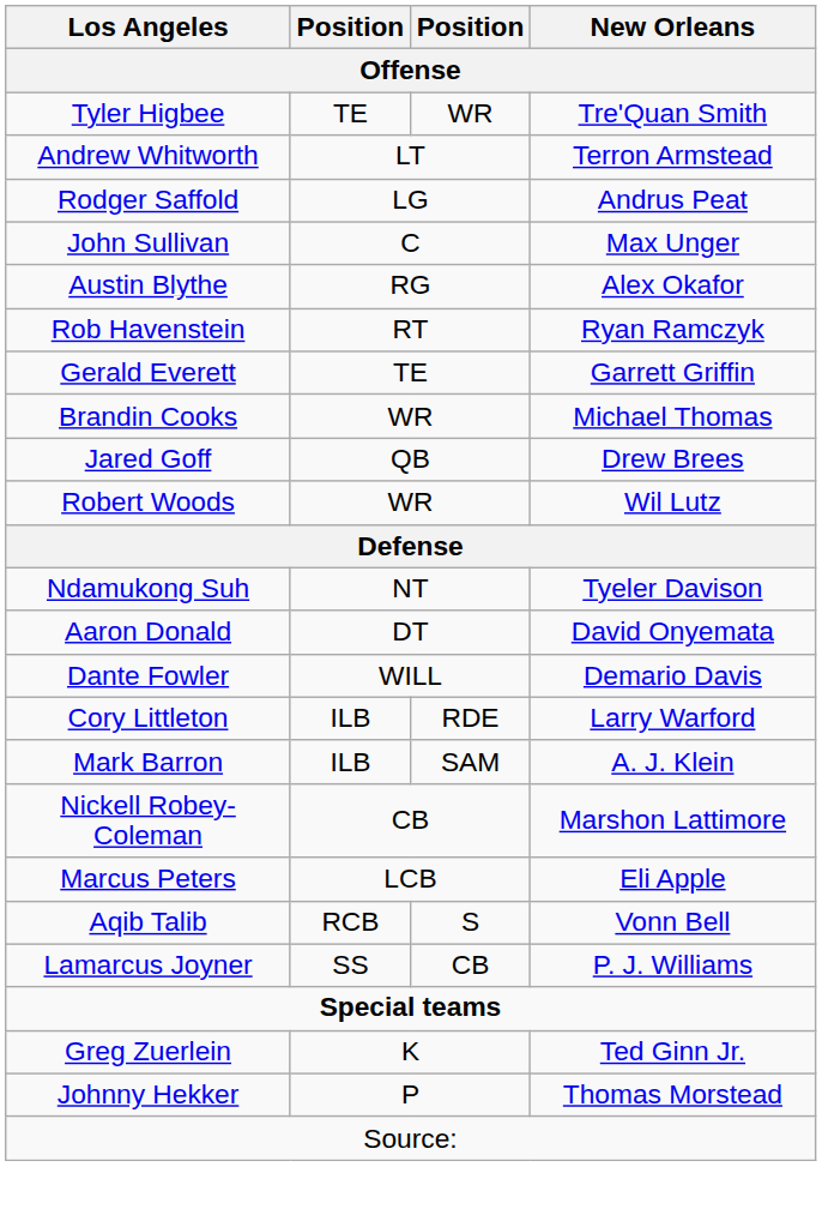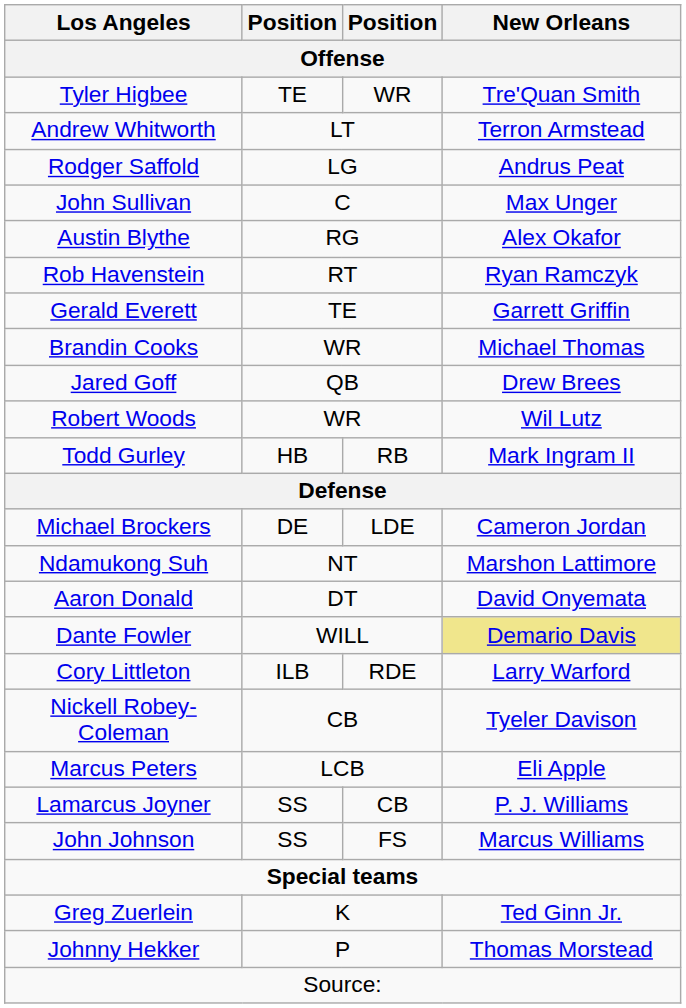 <table class="wikitable" style="text-align:center">
 <tr>
 <th width="160px">Los Angeles</th>
 <th>Position</th>
 <th>Position</th>
 <th width="160px">New Orleans</th>
 </tr>
 <tr>
 <th colspan="4" style="text-align:center">Offense</th>
 </tr>
 <tr>
 <td><a href='#'>Tyler Higbee</a></td>
 <td style="text-align:center">TE</td>
 <td style="text-align:center">WR</td>
 <td><a href='#'>Tre'Quan Smith</a></td>
 </tr>
 <tr>
 <td><a href='#'>Andrew Whitworth</a></td>
 <td colspan="2" style="text-align:center">LT</td>
 <td><a href='#'>Terron Armstead</a></td>
 </tr>
 <tr>
 <td><a href='#'>Rodger Saffold</a></td>
 <td colspan="2" style="text-align:center">LG</td>
 <td><a href='#'>Andrus Peat</a></td>
 </tr>
 <tr>
 <td><a href='#'>John Sullivan</a></td>
 <td colspan="2" style="text-align:center">C</td>
 <td><a href='#'>Max Unger</a></td>
 </tr>
 <tr>
 <td><a href='#'>Austin Blythe</a></td>
 <td colspan="2" style="text-align:center">RG</td>
 <td><a href='#'>Alex Okafor</a></td>
 </tr>
 <tr>
 <td><a href='#'>Rob Havenstein</a></td>
 <td colspan="2" style="text-align:center">RT</td>
 <td><a href='#'>Ryan Ramczyk</a></td>
 </tr>
 <tr>
 <td><a href='#'>Gerald Everett</a></td>
 <td colspan="2" style="text-align:center">TE</td>
 <td><a href='#'>Garrett Griffin</a></td>
 </tr>
 <tr>
 <td><a href='#'>Brandin Cooks</a></td>
 <td colspan="2" style="text-align:center">WR</td>
 <td><a href='#'>Michael Thomas</a></td>
 </tr>
 <tr>
 <td><a href='#'>Jared Goff</a></td>
 <td colspan="2" style="text-align:center">QB</td>
 <td><a href='#'>Drew Brees</a></td>
 </tr>
 <tr>
 <td><a href='#'>Robert Woods</a></td>
 <td colspan="2" style="text-align:center">WR</td>
 <td><a href='#'>Wil Lutz</a></td>
 </tr>
 <tr>
+<td><a href='#'>Todd Gurley</a></td>
+<td style="text-align:center">HB</td>
+<td style="text-align:center">RB</td>
+<td><a href='#'>Mark Ingram II</a></td>
+</tr>
+<tr>
 <th colspan="4" style="text-align:center">Defense</th>
+</tr>
+<tr>
+<td><a href='#'>Michael Brockers</a></td>
+<td style="text-align:center">DE</td>
+<td style="text-align:center">LDE</td>
+<td><a href='#'>Cameron Jordan</a></td>
 </tr>
 <tr>
 <td><a href='#'>Ndamukong Suh</a></td>
 <td colspan="2" style="text-align:center">NT</td>
-<td><a href='#'>Tyeler Davison</a></td>
+<td><a href='#'>Marshon Lattimore</a></td>
 </tr>
 <tr>
 <td><a href='#'>Aaron Donald</a></td>
 <td colspan="2" style="text-align:center">DT</td>
 <td><a href='#'>David Onyemata</a></td>
 </tr>
 <tr>
 <td><a href='#'>Dante Fowler</a></td>
 <td colspan="2" style="text-align:center">WILL</td>
-<td><a href='#'>Demario Davis</a></td>
+<td style="background: khaki;"><a href='#'>Demario Davis</a></td>
 </tr>
 <tr>
 <td><a href='#'>Cory Littleton</a></td>
 <td style="text-align:center">ILB</td>
 <td style="text-align:center">RDE</td>
 <td><a href='#'>Larry Warford</a></td>
 </tr>
 <tr>
-<td><a href='#'>Mark Barron</a></td>
-<td style="text-align:center">ILB</td>
-<td style="text-align:center">SAM</td>
-<td><a href='#'>A. J. Klein</a></td>
-</tr>
-<tr>
 <td><a href='#'>Nickell Robey-Coleman</a></td>
 <td colspan="2" style="text-align:center">CB</td>
-<td><a href='#'>Marshon Lattimore</a></td>
+<td><a href='#'>Tyeler Davison</a></td>
 </tr>
 <tr>
 <td><a href='#'>Marcus Peters</a></td>
 <td colspan="2" style="text-align:center">LCB</td>
 <td><a href='#'>Eli Apple</a></td>
 </tr>
 <tr>
-<td><a href='#'>Aqib Talib</a></td>
-<td style="text-align:center">RCB</td>
-<td style="text-align:center">S</td>
-<td><a href='#'>Vonn Bell</a></td>
-</tr>
-<tr>
 <td><a href='#'>Lamarcus Joyner</a></td>
 <td style="text-align:center">SS</td>
 <td style="text-align:center">CB</td>
 <td><a href='#'>P. J. Williams</a></td>
+</tr>
+<tr>
+<td><a href='#'>John Johnson</a></td>
+<td style="text-align:center">SS</td>
+<td style="text-align:center">FS</td>
+<td><a href='#'>Marcus Williams</a></td>
 </tr>
 <tr>
 <td colspan="4" style="text-align:center;"><strong>Special teams</strong></td>
 </tr>
 <tr>
 <td><a href='#'>Greg Zuerlein</a></td>
 <td colspan="2">K</td>
 <td><a href='#'>Ted Ginn Jr.</a></td>
 </tr>
 <tr>
 <td><a href='#'>Johnny Hekker</a></td>
 <td colspan="2">P</td>
 <td><a href='#'>Thomas Morstead</a></td>
 </tr>
 <tr>
 <td colspan="4">Source:</td>
 </tr>
 </table>
